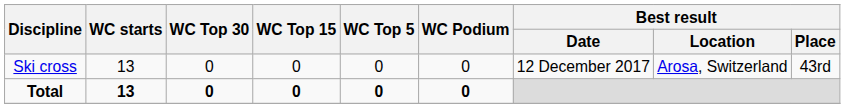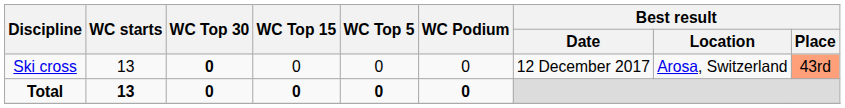 <table class="wikitable" style="text-align:center; font-size:95%;">
 <tr>
 <th rowspan=2>Discipline</th>
 <th rowspan=2>WC starts</th>
 <th rowspan=2>WC Top 30</th>
 <th rowspan=2>WC Top 15</th>
 <th rowspan=2>WC Top 5</th>
 <th rowspan=2>WC Podium</th>
 <th colspan=3>Best result</th>
 </tr>
 <tr>
 <th>Date</th>
 <th>Location</th>
 <th>Place</th>
 </tr>
 <tr>
 <td align=center><a href='#'>Ski cross</a></td>
 <td align=center>13</td>
-<td align=center>0</td>
+<td align=center><strong>0</strong></td>
 <td align=center>0</td>
 <td align=center>0</td>
 <td align=center>0</td>
 <td align=left>12 December 2017</td>
 <td align=left> <a href='#'>Arosa</a>, Switzerland</td>
-<td>43rd</td>
+<td style="background: lightsalmon;">43rd</td>
 </tr>
 <tr>
 <td align=center><strong>Total</strong></td>
 <td align=center><strong>13</strong></td>
 <td align=center><strong>0</strong></td>
 <td align=center><strong>0</strong></td>
 <td align=center><strong>0</strong></td>
 <td align=center><strong>0</strong></td>
 <td colspan=3 bgcolor=#DCDCDC></td>
 </tr>
 <tr>
 </tr>
 </table>
